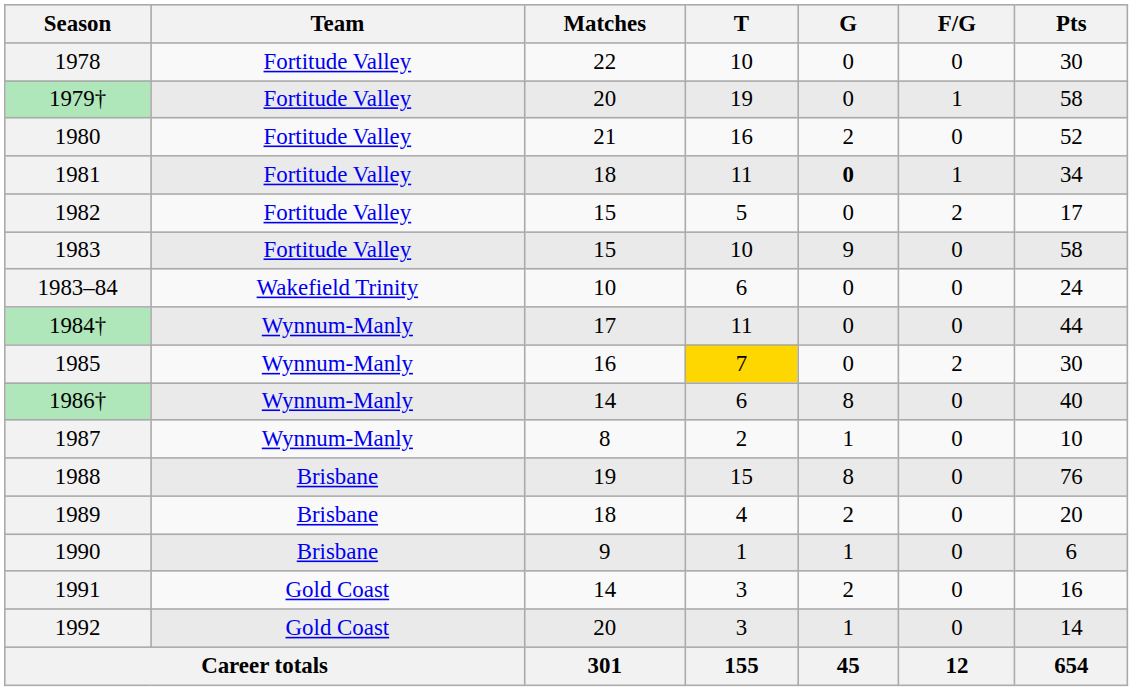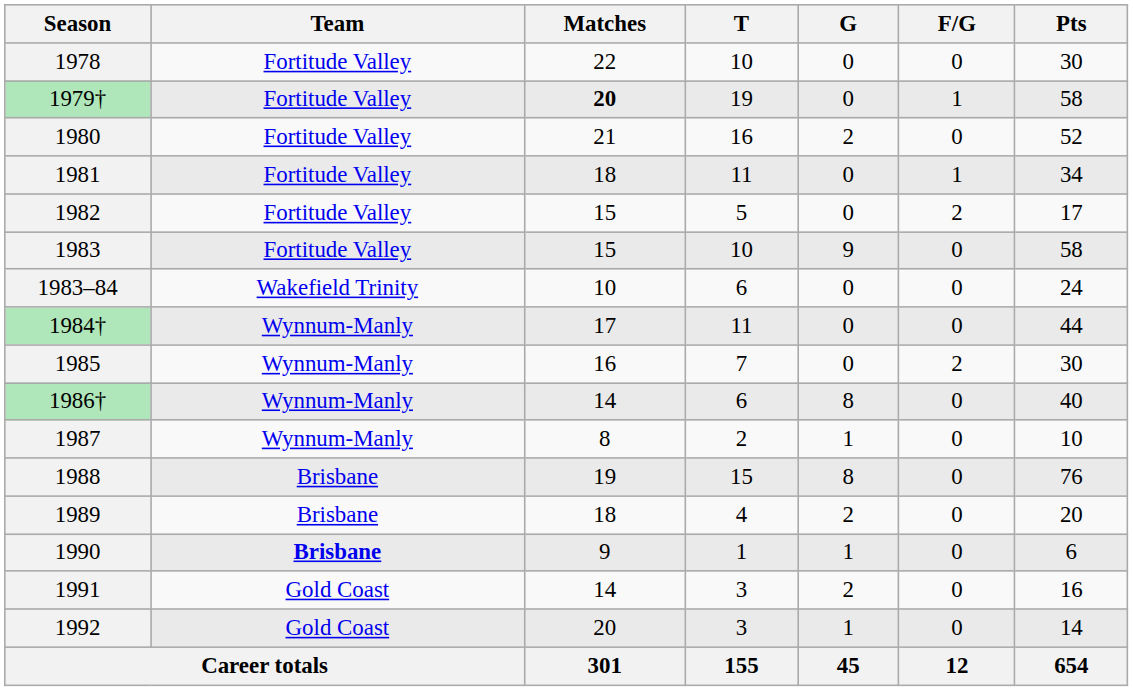 <table class="wikitable sortable" style="font-size:90%; text-align:center; width:80%;">
 <tr>
 <th width="2%">Season</th>
 <th width="8%">Team</th>
 <th width="2%">Matches</th>
 <th width="2%">T</th>
 <th width="2%">G</th>
 <th width="2%">F/G</th>
 <th width="2%">Pts</th>
 </tr>
 <tr>
 <th scope="row" style="text-align:center; font-weight:normal">1978</th>
 <td> <a href='#'>Fortitude Valley</a></td>
 <td>22</td>
 <td>10</td>
 <td>0</td>
 <td>0</td>
 <td>30</td>
 </tr>
 <tr style="background:#eaeaea;">
 <th scope="row" style="text-align:center; font-weight:normal; background:#afe6ba;">1979†</th>
 <td> <a href='#'>Fortitude Valley</a></td>
-<td>20</td>
+<td><strong>20</strong></td>
 <td>19</td>
 <td>0</td>
 <td>1</td>
 <td>58</td>
 </tr>
 <tr>
 <th scope="row" style="text-align:center; font-weight:normal">1980</th>
 <td> <a href='#'>Fortitude Valley</a></td>
 <td>21</td>
 <td>16</td>
 <td>2</td>
 <td>0</td>
 <td>52</td>
 </tr>
 <tr style="background:#eaeaea;">
 <th scope="row" style="text-align:center; font-weight:normal">1981</th>
 <td> <a href='#'>Fortitude Valley</a></td>
 <td>18</td>
 <td>11</td>
-<td><strong>0</strong></td>
+<td>0</td>
 <td>1</td>
 <td>34</td>
 </tr>
 <tr>
 <th scope="row" style="text-align:center; font-weight:normal">1982</th>
 <td> <a href='#'>Fortitude Valley</a></td>
 <td>15</td>
 <td>5</td>
 <td>0</td>
 <td>2</td>
 <td>17</td>
 </tr>
 <tr style="background:#eaeaea;">
 <th scope="row" style="text-align:center; font-weight:normal">1983</th>
 <td> <a href='#'>Fortitude Valley</a></td>
 <td>15</td>
 <td>10</td>
 <td>9</td>
 <td>0</td>
 <td>58</td>
 </tr>
 <tr>
 <th scope="row" style="text-align:center; font-weight:normal">1983–84</th>
 <td> <a href='#'>Wakefield Trinity</a></td>
 <td>10</td>
 <td>6</td>
 <td>0</td>
 <td>0</td>
 <td>24</td>
 </tr>
 <tr style="background:#eaeaea;">
 <th scope="row" style="text-align:center; font-weight:normal; background:#afe6ba;">1984†</th>
 <td> <a href='#'>Wynnum-Manly</a></td>
 <td>17</td>
 <td>11</td>
 <td>0</td>
 <td>0</td>
 <td>44</td>
 </tr>
 <tr>
 <th scope="row" style="text-align:center; font-weight:normal">1985</th>
 <td> <a href='#'>Wynnum-Manly</a></td>
 <td>16</td>
-<td style="background: gold;">7</td>
+<td>7</td>
 <td>0</td>
 <td>2</td>
 <td>30</td>
 </tr>
 <tr style="background:#eaeaea;">
 <th scope="row" style="text-align:center; font-weight:normal; background:#afe6ba;">1986†</th>
 <td> <a href='#'>Wynnum-Manly</a></td>
 <td>14</td>
 <td>6</td>
 <td>8</td>
 <td>0</td>
 <td>40</td>
 </tr>
 <tr>
 <th scope="row" style="text-align:center; font-weight:normal">1987</th>
 <td> <a href='#'>Wynnum-Manly</a></td>
 <td>8</td>
 <td>2</td>
 <td>1</td>
 <td>0</td>
 <td>10</td>
 </tr>
 <tr style="background:#eaeaea;">
 <th scope="row" style="text-align:center; font-weight:normal">1988</th>
 <td style="text-align:center;"> <a href='#'>Brisbane</a></td>
 <td>19</td>
 <td>15</td>
 <td>8</td>
 <td>0</td>
 <td>76</td>
 </tr>
 <tr>
 <th scope="row" style="text-align:center; font-weight:normal">1989</th>
 <td style="text-align:center;"> <a href='#'>Brisbane</a></td>
 <td>18</td>
 <td>4</td>
 <td>2</td>
 <td>0</td>
 <td>20</td>
 </tr>
 <tr style="background:#eaeaea;">
 <th scope="row" style="text-align:center; font-weight:normal">1990</th>
-<td> <a href='#'>Brisbane</a></td>
+<td><strong> <a href='#'>Brisbane</a></strong></td>
 <td>9</td>
 <td>1</td>
 <td>1</td>
 <td>0</td>
 <td>6</td>
 </tr>
 <tr>
 <th scope="row" style="text-align:center; font-weight:normal">1991</th>
 <td> <a href='#'>Gold Coast</a></td>
 <td>14</td>
 <td>3</td>
 <td>2</td>
 <td>0</td>
 <td>16</td>
 </tr>
 <tr style="background:#eaeaea;">
 <th scope="row" style="text-align:center; font-weight:normal">1992</th>
 <td> <a href='#'>Gold Coast</a></td>
 <td>20</td>
 <td>3</td>
 <td>1</td>
 <td>0</td>
 <td>14</td>
 </tr>
 <tr class="sortbottom">
 <th colspan="2">Career totals</th>
 <th>301</th>
 <th>155</th>
 <th>45</th>
 <th>12</th>
 <th>654</th>
 </tr>
 </table>
